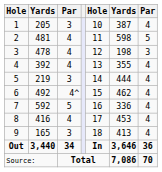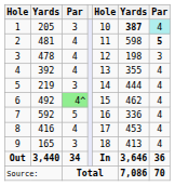 <table class="wikitable" style="text-align:center">
 <tr>
 <th>Hole</th>
 <th>Yards</th>
 <th>Par</th>
 <th></th>
 <th>Hole</th>
 <th>Yards</th>
 <th>Par</th>
 </tr>
 <tr>
 <td>1</td>
 <td>205</td>
 <td>3</td>
 <td rowspan=10 style="background:#E6E8FA;"></td>
 <td>10</td>
-<td>387</td>
-<td>4</td>
+<td><strong>387</strong></td>
+<td style="background: paleturquoise;">4</td>
 </tr>
 <tr>
 <td>2</td>
 <td>481</td>
 <td>4</td>
 <td>11</td>
 <td>598</td>
-<td>5</td>
+<td><strong>5</strong></td>
 </tr>
 <tr>
 <td>3</td>
 <td>478</td>
 <td>4</td>
 <td>12</td>
 <td>198</td>
 <td>3</td>
 </tr>
 <tr>
 <td>4</td>
 <td>392</td>
 <td>4</td>
 <td>13</td>
 <td>355</td>
 <td>4</td>
 </tr>
 <tr>
 <td>5</td>
 <td>219</td>
 <td>3</td>
 <td>14</td>
 <td>444</td>
 <td>4</td>
 </tr>
 <tr>
 <td>6</td>
 <td>492</td>
-<td>  4^</td>
+<td style="background: lightgreen;">  4^</td>
 <td>15</td>
 <td>462</td>
 <td>4</td>
 </tr>
 <tr>
 <td>7</td>
 <td>592</td>
 <td>5</td>
 <td>16</td>
 <td>336</td>
 <td>4</td>
 </tr>
 <tr>
 <td>8</td>
 <td>416</td>
 <td>4</td>
 <td>17</td>
 <td>453</td>
 <td>4</td>
 </tr>
 <tr>
 <td>9</td>
 <td>165</td>
 <td>3</td>
 <td>18</td>
 <td>413</td>
 <td>4</td>
 </tr>
 <tr>
 <td><strong>Out</strong></td>
 <td><strong>3,440</strong></td>
 <td><strong>34</strong></td>
 <td><strong>In</strong></td>
 <td><strong>3,646</strong></td>
 <td><strong>36</strong></td>
 </tr>
 <tr>
 <td colspan="2" style="text-align:left;"><small>Source:</small></td>
 <td colspan=3><strong>Total</strong></td>
 <td><strong>7,086</strong></td>
 <td><strong>70</strong></td>
 </tr>
 </table>
